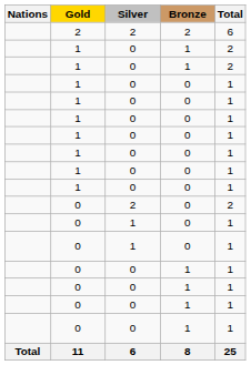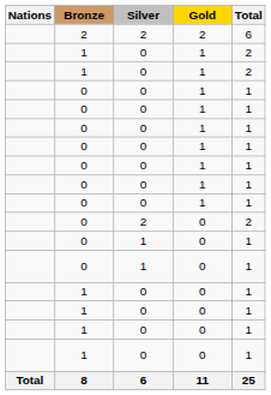 <table class="wikitable" style="text-align:center; font-size:90%;">
 <tr>
 <th scope="col">Nations</th>
+<td style="background:#cc9966; width:4.5em; font-weight:bold;">Bronze</td>
+<td style="background:silver; width:4.5em; font-weight:bold;">Silver</td>
 <td style="background:gold; width:4.5em; font-weight:bold;">Gold</td>
-<td style="background:silver; width:4.5em; font-weight:bold;">Silver</td>
-<td style="background:#cc9966; width:4.5em; font-weight:bold;">Bronze</td>
 <th scope="col">Total</th>
 </tr>
 <tr>
 <td align=left><br></td>
 <td>2</td>
 <td>2</td>
 <td>2</td>
 <td>6</td>
 </tr>
 <tr>
 <td align=left><br></td>
 <td>1</td>
 <td>0</td>
 <td>1</td>
 <td>2</td>
 </tr>
 <tr>
 <td align=left><br></td>
 <td>1</td>
 <td>0</td>
 <td>1</td>
 <td>2</td>
 </tr>
 <tr>
 <td align=left><br></td>
+<td>0</td>
+<td>0</td>
+<td>1</td>
+<td>1</td>
+</tr>
+<tr>
+<td align=left><br></td>
+<td>0</td>
+<td>0</td>
+<td>1</td>
+<td>1</td>
+</tr>
+<tr>
+<td align=left><br></td>
+<td>0</td>
+<td>0</td>
+<td>1</td>
+<td>1</td>
+</tr>
+<tr>
+<td align=left><br></td>
+<td>0</td>
+<td>0</td>
+<td>1</td>
+<td>1</td>
+</tr>
+<tr>
+<td align=left><br></td>
+<td>0</td>
+<td>0</td>
+<td>1</td>
+<td>1</td>
+</tr>
+<tr>
+<td align=left><br></td>
+<td>0</td>
+<td>0</td>
+<td>1</td>
+<td>1</td>
+</tr>
+<tr>
+<td align=left><br></td>
+<td>0</td>
+<td>0</td>
+<td>1</td>
+<td>1</td>
+</tr>
+<tr>
+<td align=left><br></td>
+<td>0</td>
+<td>2</td>
+<td>0</td>
+<td>2</td>
+</tr>
+<tr>
+<td align=left><br></td>
+<td>0</td>
 <td>1</td>
 <td>0</td>
+<td>1</td>
+</tr>
+<tr>
+<td align=left><br><br></td>
+<td>0</td>
+<td>1</td>
 <td>0</td>
 <td>1</td>
 </tr>
 <tr>
 <td align=left><br></td>
 <td>1</td>
 <td>0</td>
 <td>0</td>
 <td>1</td>
 </tr>
 <tr>
 <td align=left><br></td>
 <td>1</td>
 <td>0</td>
 <td>0</td>
 <td>1</td>
 </tr>
 <tr>
 <td align=left><br></td>
 <td>1</td>
 <td>0</td>
 <td>0</td>
 <td>1</td>
 </tr>
 <tr>
-<td align=left><br></td>
+<td align=left><br><br></td>
 <td>1</td>
 <td>0</td>
 <td>0</td>
 <td>1</td>
 </tr>
 <tr>
-<td align=left><br></td>
-<td>1</td>
-<td>0</td>
-<td>0</td>
-<td>1</td>
-</tr>
-<tr>
-<td align=left><br></td>
-<td>1</td>
-<td>0</td>
-<td>0</td>
-<td>1</td>
-</tr>
-<tr>
-<td align=left><br></td>
-<td>0</td>
-<td>2</td>
-<td>0</td>
-<td>2</td>
-</tr>
-<tr>
-<td align=left><br></td>
-<td>0</td>
-<td>1</td>
-<td>0</td>
-<td>1</td>
-</tr>
-<tr>
-<td align=left><br><br></td>
-<td>0</td>
-<td>1</td>
-<td>0</td>
-<td>1</td>
-</tr>
-<tr>
-<td align=left><br></td>
-<td>0</td>
-<td>0</td>
-<td>1</td>
-<td>1</td>
-</tr>
-<tr>
-<td align=left><br></td>
-<td>0</td>
-<td>0</td>
-<td>1</td>
-<td>1</td>
-</tr>
-<tr>
-<td align=left><br></td>
-<td>0</td>
-<td>0</td>
-<td>1</td>
-<td>1</td>
-</tr>
-<tr>
-<td align=left><br><br></td>
-<td>0</td>
-<td>0</td>
-<td>1</td>
-<td>1</td>
-</tr>
-<tr>
 <th>Total</th>
+<th>8</th>
+<th>6</th>
 <th>11</th>
-<th>6</th>
-<th>8</th>
 <th>25</th>
 </tr>
 </table>
